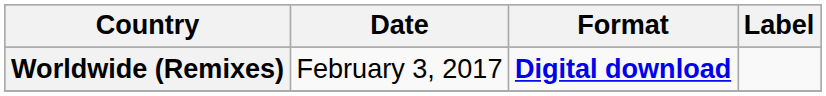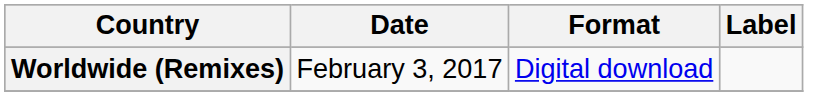 <table class="wikitable plainrowheaders">
 <tr>
 <th scope="col">Country</th>
 <th scope="col">Date</th>
 <th scope="col">Format</th>
 <th scope="col">Label</th>
 </tr>
 <tr>
 <th scope="row">Worldwide (Remixes)</th>
 <td>February 3, 2017</td>
-<td><strong><a href='#'>Digital download</a></strong></td>
+<td><a href='#'>Digital download</a></td>
 <td></td>
 </tr>
 <tr>
 </tr>
 </table>
